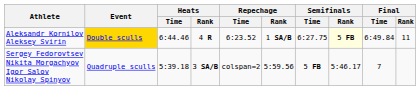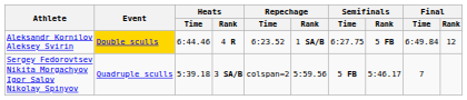 <table class="wikitable" style="font-size:90%">
 <tr>
 <th rowspan="2">Athlete</th>
 <th rowspan="2">Event</th>
 <th colspan="2">Heats</th>
 <th colspan="2">Repechage</th>
 <th colspan="2">Semifinals</th>
 <th colspan="2">Final</th>
 </tr>
 <tr style="font-size:95%">
 <th>Time</th>
 <th>Rank</th>
 <th>Time</th>
 <th>Rank</th>
 <th>Time</th>
 <th>Rank</th>
 <th>Time</th>
 <th>Rank</th>
 </tr>
 <tr align=center>
 <td align=left><a href='#'>Aleksandr Kornilov</a><br><a href='#'>Aleksey Svirin</a></td>
 <td align=left style="background: gold;"><a href='#'>Double sculls</a></td>
 <td>6:44.46</td>
 <td>4 <strong>R</strong></td>
 <td>6:23.52</td>
 <td>1 <strong>SA/B</strong></td>
 <td>6:27.75</td>
-<td style="background: lightyellow;">5 <strong>FB</strong></td>
+<td>5 <strong>FB</strong></td>
 <td>6:49.84</td>
-<td>11</td>
+<td>12</td>
 </tr>
 <tr align=center>
 <td align=left><a href='#'>Sergey Fedorovtsev</a><br><a href='#'>Nikita Morgachyov</a><br><a href='#'>Igor Salov</a><br><a href='#'>Nikolay Spinyov</a></td>
 <td align=left><a href='#'>Quadruple sculls</a></td>
 <td>5:39.18</td>
 <td>3 <strong>SA/B</strong></td>
 <td>colspan=2 </td>
 <td>5:59.56</td>
 <td>5 <strong>FB</strong></td>
 <td>5:46.17</td>
 <td>7</td>
 </tr>
 </table>
